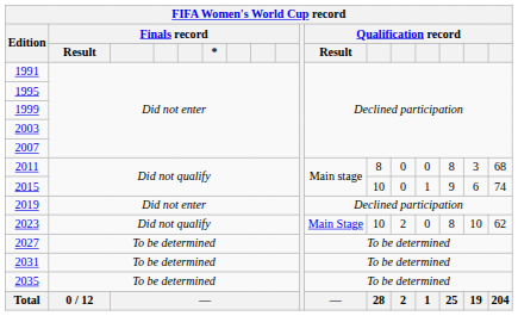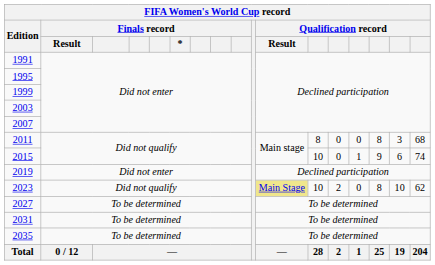 <table class="wikitable">
 <tr>
 <th colspan=22><a href='#'>FIFA Women's World Cup</a> record</th>
 </tr>
 <tr>
 <th rowspan=2>Edition</th>
 <th colspan=8><a href='#'>Finals</a> record</th>
 <th rowspan=100></th>
 <th colspan=7><a href='#'>Qualification</a> record</th>
 </tr>
 <tr>
 <th width=75px>Result</th>
 <th width=50px></th>
 <th width=25px></th>
 <th width=25px></th>
 <th width=25px>*</th>
 <th width=25px></th>
 <th width=25px></th>
 <th width=25px><br></th>
 <th width=75px>Result</th>
 <th width=25px></th>
 <th width=25px></th>
 <th width=25px></th>
 <th width=25px></th>
 <th width=25px></th>
 <th width=25px></th>
 </tr>
 <tr align=center>
 <td> <a href='#'>1991</a></td>
 <td colspan=8 rowspan=5><em>Did not enter</em></td>
 <td colspan=7 rowspan=5><em>Declined participation</em></td>
 </tr>
 <tr align=center>
 <td> <a href='#'>1995</a></td>
 </tr>
 <tr align=center>
 <td> <a href='#'>1999</a></td>
 </tr>
 <tr align=center>
 <td> <a href='#'>2003</a></td>
 </tr>
 <tr align=center>
 <td> <a href='#'>2007</a></td>
 </tr>
 <tr align=center>
 <td> <a href='#'>2011</a></td>
 <td colspan=8 rowspan=2><em>Did not qualify</em></td>
 <td rowspan=2>Main stage</td>
 <td>8</td>
 <td>0</td>
 <td>0</td>
 <td>8</td>
 <td>3</td>
 <td>68</td>
 </tr>
 <tr align=center>
 <td> <a href='#'>2015</a></td>
 <td>10</td>
 <td>0</td>
 <td>1</td>
 <td>9</td>
 <td>6</td>
 <td>74</td>
 </tr>
 <tr align=center>
 <td> <a href='#'>2019</a></td>
 <td colspan=8><em>Did not enter</em></td>
 <td colspan=7><em>Declined participation</em></td>
 </tr>
 <tr align=center>
 <td> <a href='#'>2023</a></td>
 <td colspan=8><em>Did not qualify</em></td>
-<td><a href='#'>Main Stage</a></td>
+<td style="background: khaki;"><a href='#'>Main Stage</a></td>
 <td>10</td>
 <td>2</td>
 <td>0</td>
 <td>8</td>
 <td>10</td>
 <td>62</td>
 </tr>
 <tr align=center>
 <td> <a href='#'>2027</a></td>
 <td colspan=8><em>To be determined</em></td>
 <td colspan=8><em>To be determined</em></td>
 </tr>
 <tr align=center>
 <td> <a href='#'>2031</a></td>
 <td colspan=8><em>To be determined</em></td>
 <td colspan=8><em>To be determined</em></td>
 </tr>
 <tr align=center>
 <td> <a href='#'>2035</a></td>
 <td colspan=8><em>To be determined</em></td>
 <td colspan=8><em>To be determined</em></td>
 </tr>
 <tr align=center>
 <th>Total</th>
 <th>0 / 12</th>
 <th colspan=7>—</th>
 <th>—</th>
 <th>28</th>
 <th>2</th>
 <th>1</th>
 <th>25</th>
 <th>19</th>
 <th>204</th>
 </tr>
 </table>
